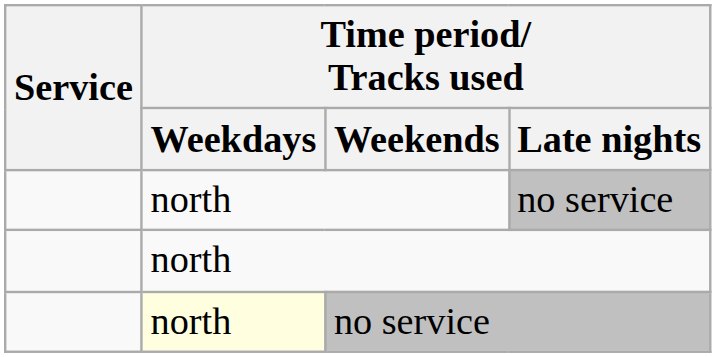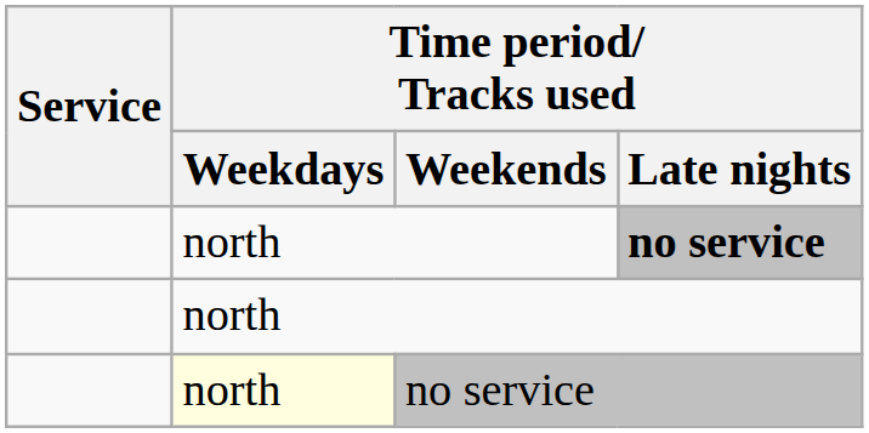 <table class="wikitable">
 <tr>
 <th rowspan=2>Service</th>
 <th colspan=3>Time period/<br>Tracks used</th>
 </tr>
 <tr>
 <th>Weekdays</th>
 <th>Weekends</th>
 <th>Late nights</th>
 </tr>
 <tr>
 <td></td>
 <td colspan=2>north</td>
-<td bgcolor=silver>no service</td>
+<td bgcolor=silver><strong>no service</strong></td>
 </tr>
 <tr>
 <td></td>
 <td colspan=3>north</td>
 </tr>
 <tr>
 <td></td>
 <td style="background: lightyellow;">north</td>
 <td colspan=2 bgcolor=silver>no service</td>
 </tr>
 </table>
